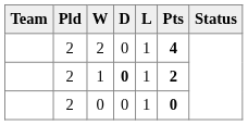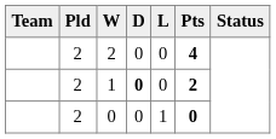 <table style=border-collapse:collapse border=1 cellspacing=0 cellpadding=5>
 <tr align=center bgcolor=#efefef>
 <th>Team</th>
 <th>Pld</th>
 <th>W</th>
 <th>D</th>
 <th>L</th>
 <th>Pts</th>
 <th>Status</th>
 </tr>
 <tr align=center style="background:#FFFFFF;">
 <td style="text-align:left;"> </td>
 <td>2</td>
 <td>2</td>
 <td>0</td>
-<td>1</td>
+<td>0</td>
 <td><strong>4</strong></td>
 <td rowspan=3></td>
 </tr>
 <tr align=center style="background:#FFFFFF;">
 <td style="text-align:left;"> </td>
 <td>2</td>
 <td>1</td>
 <td><strong>0</strong></td>
-<td>1</td>
+<td>0</td>
 <td><strong>2</strong></td>
 </tr>
 <tr align=center style="background:#FFFFFF;">
 <td style="text-align:left;"> </td>
 <td>2</td>
 <td>0</td>
 <td>0</td>
 <td>1</td>
 <td><strong>0</strong></td>
 </tr>
 </table>
